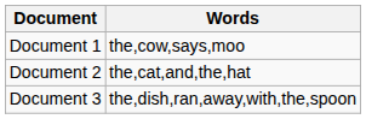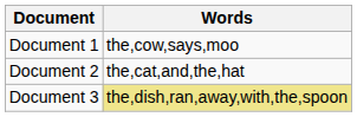 <table align="center" class="wikitable">
 <tr>
 <th>Document</th>
 <th>Words</th>
 </tr>
 <tr>
 <td>Document 1</td>
 <td>the,cow,says,moo</td>
 </tr>
 <tr>
 <td>Document 2</td>
 <td>the,cat,and,the,hat</td>
 </tr>
 <tr>
 <td>Document 3</td>
-<td>the,dish,ran,away,with,the,spoon</td>
+<td style="background: khaki;">the,dish,ran,away,with,the,spoon</td>
 </tr>
 </table>
